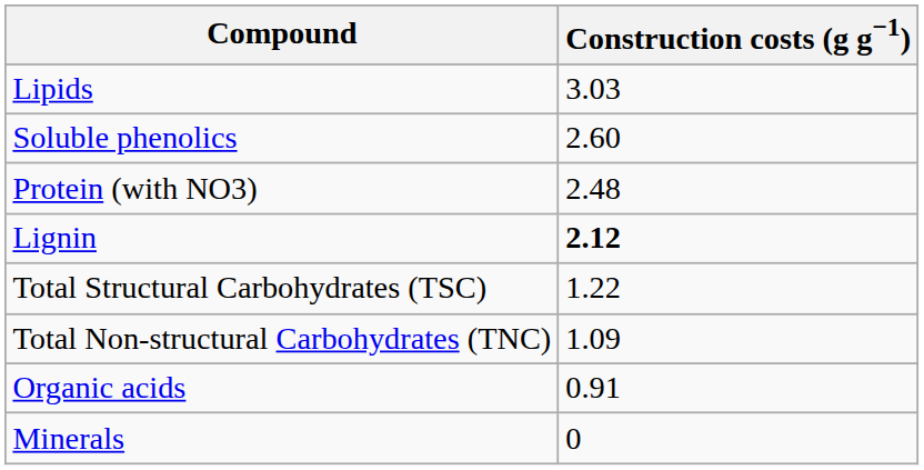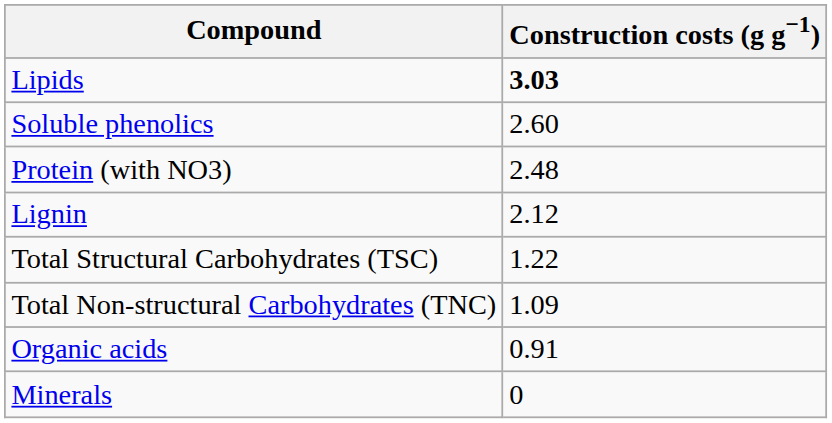 <table class="wikitable sortable">
 <tr>
 <th>Compound</th>
 <th>Construction costs (g g<sup>−1</sup>)</th>
 </tr>
 <tr>
 <td><a href='#'>Lipids</a></td>
-<td>3.03</td>
+<td><strong>3.03</strong></td>
 </tr>
 <tr>
 <td><a href='#'>Soluble phenolics</a></td>
 <td>2.60</td>
 </tr>
 <tr>
 <td><a href='#'>Protein</a> (with NO3)</td>
 <td>2.48</td>
 </tr>
 <tr>
 <td><a href='#'>Lignin</a></td>
-<td><strong>2.12</strong></td>
+<td>2.12</td>
 </tr>
 <tr>
 <td>Total Structural Carbohydrates (TSC)</td>
 <td>1.22</td>
 </tr>
 <tr>
 <td>Total Non-structural <a href='#'>Carbohydrates</a> (TNC)</td>
 <td>1.09</td>
 </tr>
 <tr>
 <td><a href='#'>Organic acids</a></td>
 <td>0.91</td>
 </tr>
 <tr>
 <td><a href='#'>Minerals</a></td>
 <td>0</td>
 </tr>
 </table>
